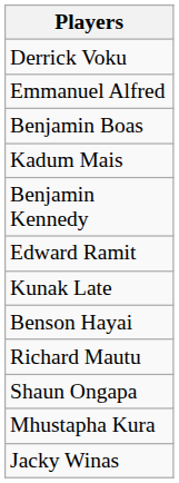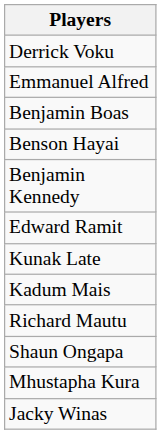 <table class="wikitable" style="width:20%">
 <tr>
 <th>Players</th>
 </tr>
 <tr>
 <td>Derrick  Voku</td>
 </tr>
 <tr>
 <td>Emmanuel  Alfred</td>
 </tr>
 <tr>
 <td>Benjamin  Boas</td>
 </tr>
 <tr>
-<td>Kadum  Mais</td>
+<td>Benson  Hayai</td>
 </tr>
 <tr>
 <td>Benjamin  Kennedy</td>
 </tr>
 <tr>
 <td>Edward  Ramit</td>
 </tr>
 <tr>
 <td>Kunak  Late</td>
 </tr>
 <tr>
-<td>Benson  Hayai</td>
+<td>Kadum  Mais</td>
 </tr>
 <tr>
 <td>Richard  Mautu</td>
 </tr>
 <tr>
 <td>Shaun  Ongapa</td>
 </tr>
 <tr>
 <td>Mhustapha  Kura</td>
 </tr>
 <tr>
 <td>Jacky  Winas</td>
 </tr>
 </table>
